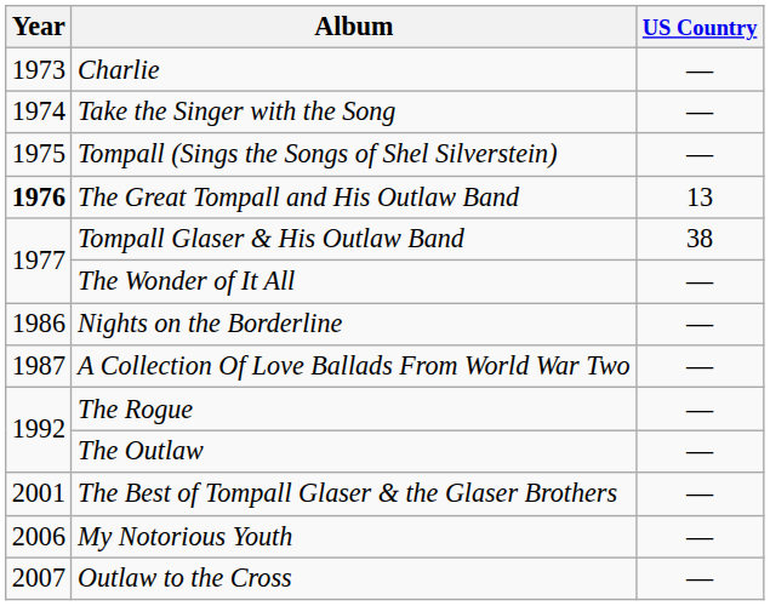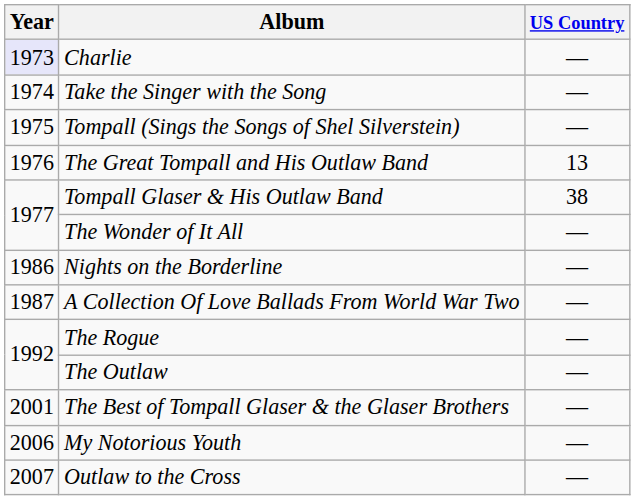 <table class="wikitable">
 <tr>
 <th>Year</th>
 <th>Album</th>
 <th><small><a href='#'>US Country</a></small></th>
 </tr>
 <tr>
-<td>1973</td>
+<td style="background: lavender;">1973</td>
 <td><em>Charlie</em></td>
 <td align="center">—</td>
 </tr>
 <tr>
 <td>1974</td>
 <td><em>Take the Singer with the Song</em></td>
 <td align="center">—</td>
 </tr>
 <tr>
 <td>1975</td>
 <td><em>Tompall (Sings the Songs of Shel Silverstein)</em></td>
 <td align="center">—</td>
 </tr>
 <tr>
-<td><strong>1976</strong></td>
+<td>1976</td>
 <td><em>The Great Tompall and His Outlaw Band</em></td>
 <td align="center">13</td>
 </tr>
 <tr>
 <td rowspan="2">1977</td>
 <td><em>Tompall Glaser & His Outlaw Band</em></td>
 <td align="center">38</td>
 </tr>
 <tr>
 <td><em>The Wonder of It All</em></td>
 <td align="center">—</td>
 </tr>
 <tr>
 <td>1986</td>
 <td><em>Nights on the Borderline</em></td>
 <td align="center">—</td>
 </tr>
 <tr>
 <td rowspan="1">1987</td>
 <td><em>A Collection Of Love Ballads From World War Two</em></td>
 <td align="center">—</td>
 </tr>
 <tr>
 <td rowspan="2">1992</td>
 <td><em>The Rogue</em></td>
 <td align="center">—</td>
 </tr>
 <tr>
 <td><em>The Outlaw</em></td>
 <td align="center">—</td>
 </tr>
 <tr>
 <td>2001</td>
 <td><em>The Best of Tompall Glaser & the Glaser Brothers</em></td>
 <td align="center">—</td>
 </tr>
 <tr>
 <td>2006</td>
 <td><em>My Notorious Youth</em></td>
 <td align="center">—</td>
 </tr>
 <tr>
 <td>2007</td>
 <td><em>Outlaw to the Cross</em></td>
 <td align="center">—</td>
 </tr>
 </table>
